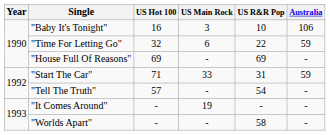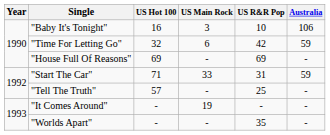 <table class="wikitable">
 <tr>
 <th>Year</th>
 <th>Single</th>
 <th><small> US Hot 100 </small></th>
 <th><small> US Main Rock </small></th>
 <th><small> US R&R Pop </small></th>
 <th><small> <a href='#'>Australia</a> </small></th>
 </tr>
 <tr>
 <td rowspan="3">1990</td>
 <td>"Baby It's Tonight"</td>
 <td align="center">16</td>
 <td align="center">3</td>
 <td align="center">10</td>
 <td align="center">106</td>
 </tr>
 <tr>
 <td>"Time For Letting Go"</td>
 <td align="center">32</td>
 <td align="center">6</td>
-<td align="center">22</td>
+<td align="center">42</td>
 <td align="center">59</td>
 </tr>
 <tr>
 <td>"House Full Of Reasons"</td>
 <td align="center">69</td>
 <td align="center">-</td>
 <td align="center">69</td>
 <td align="center">-</td>
 </tr>
 <tr>
 <td rowspan="2">1992</td>
 <td>"Start The Car"</td>
 <td align="center">71</td>
 <td align="center">33</td>
 <td align="center">31</td>
 <td align="center">59</td>
 </tr>
 <tr>
 <td>"Tell The Truth"</td>
 <td align="center">57</td>
 <td align="center">-</td>
-<td align="center">54</td>
+<td align="center">25</td>
 <td align="center">-</td>
 </tr>
 <tr>
 <td rowspan="2">1993</td>
 <td>"It Comes Around"</td>
 <td align="center">-</td>
 <td align="center">19</td>
 <td align="center">-</td>
 <td align="center">-</td>
 </tr>
 <tr>
 <td>"Worlds Apart"</td>
 <td align="center">-</td>
 <td align="center">-</td>
-<td align="center">58</td>
+<td align="center">35</td>
 <td align="center">-</td>
 </tr>
 </table>
